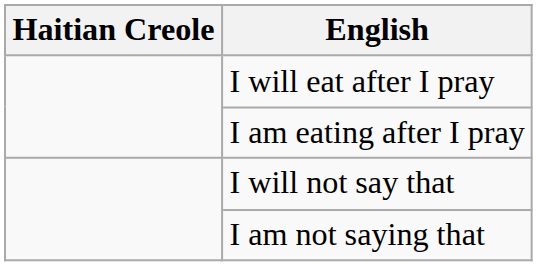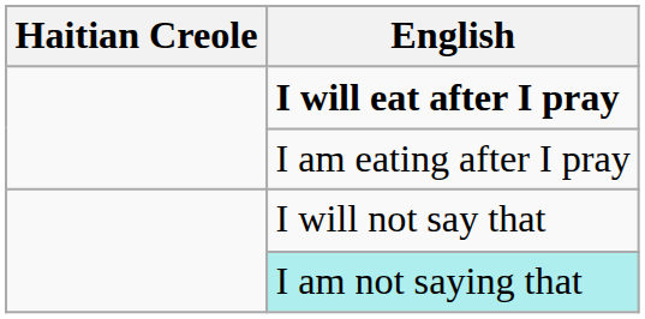 <table class="wikitable">
 <tr>
 <th scope="col">Haitian Creole</th>
 <th scope="col">English</th>
 </tr>
 <tr>
 <td rowspan="2"></td>
-<td>I will eat after I pray</td>
+<td><strong>I will eat after I pray</strong></td>
 </tr>
 <tr>
 <td>I am eating after I pray</td>
 </tr>
 <tr>
 <td rowspan="2"></td>
 <td>I will not say that</td>
 </tr>
 <tr>
-<td>I am not saying that</td>
+<td style="background: paleturquoise;">I am not saying that</td>
 </tr>
 </table>
